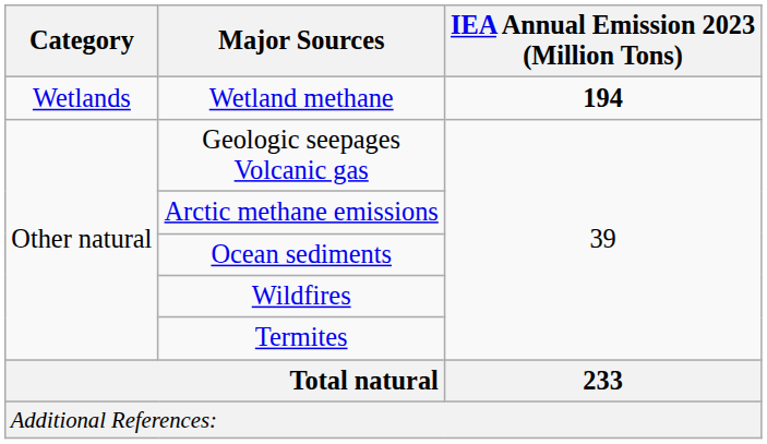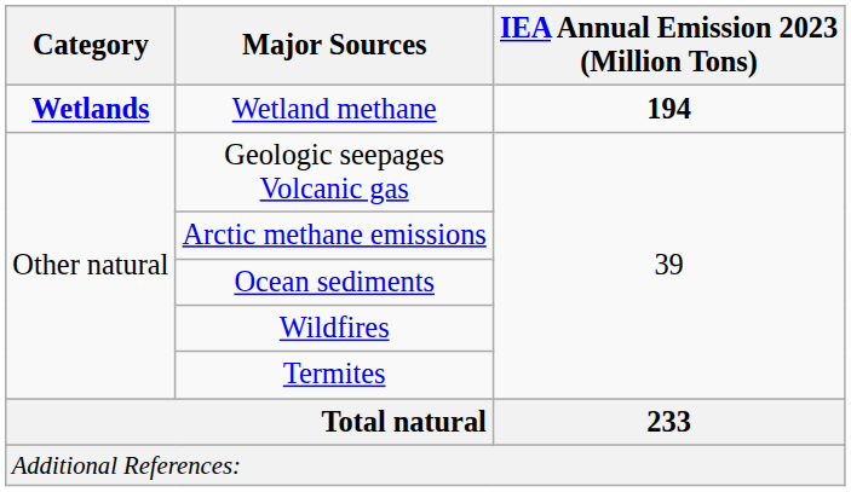 <table class=wikitable style="text-align: center;">
 <tr>
 <th>Category</th>
 <th>Major Sources</th>
 <th><a href='#'>IEA</a> Annual Emission 2023<br>(Million Tons)</th>
 </tr>
 <tr>
-<td><a href='#'>Wetlands</a></td>
+<td><strong><a href='#'>Wetlands</a></strong></td>
 <td><a href='#'>Wetland methane</a></td>
 <td><strong>194</strong></td>
 </tr>
 <tr>
 <td rowspan="5">Other natural</td>
 <td>Geologic seepages<br><a href='#'>Volcanic gas</a></td>
 <td rowspan="5">39</td>
 </tr>
 <tr>
 <td><a href='#'>Arctic methane emissions</a></td>
 </tr>
 <tr>
 <td><a href='#'>Ocean sediments</a> </td>
 </tr>
 <tr>
 <td><a href='#'>Wildfires</a> </td>
 </tr>
 <tr>
 <td><a href='#'>Termites</a> </td>
 </tr>
 <tr>
 <th colspan="2" style="text-align: right;">Total natural</th>
 <th>233</th>
 </tr>
 <tr>
 <th colspan="3" style="text-align: left; font-size: 0.85em; font-weight: normal;"><em>Additional References:</em> </th>
 </tr>
 </table>
